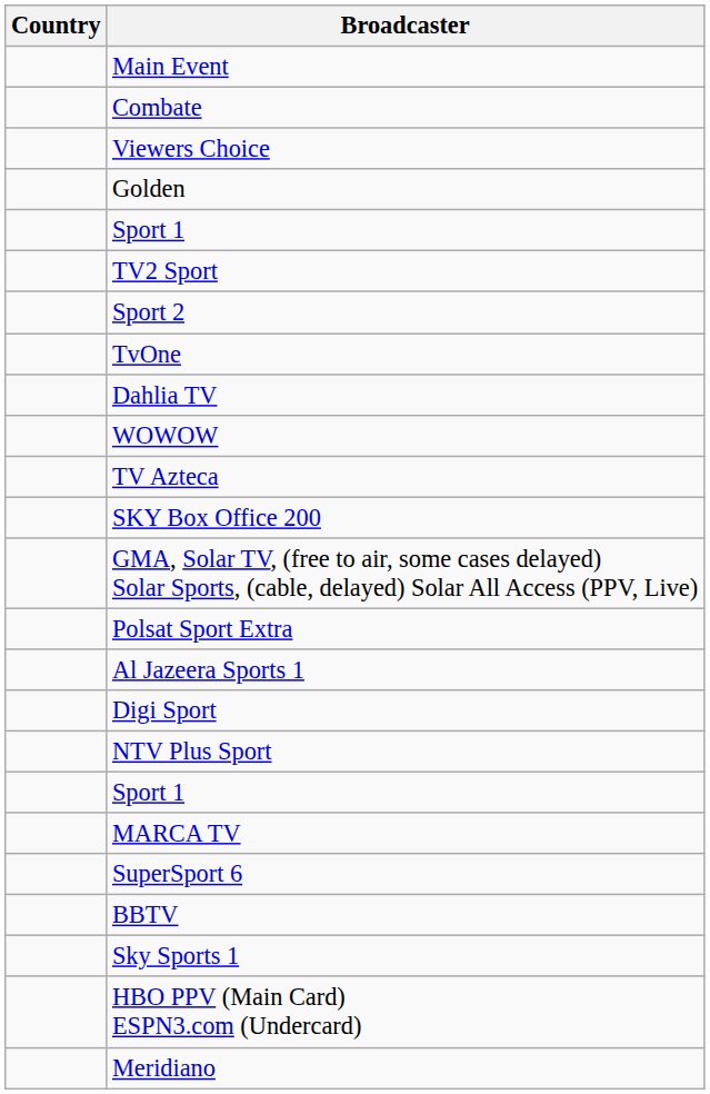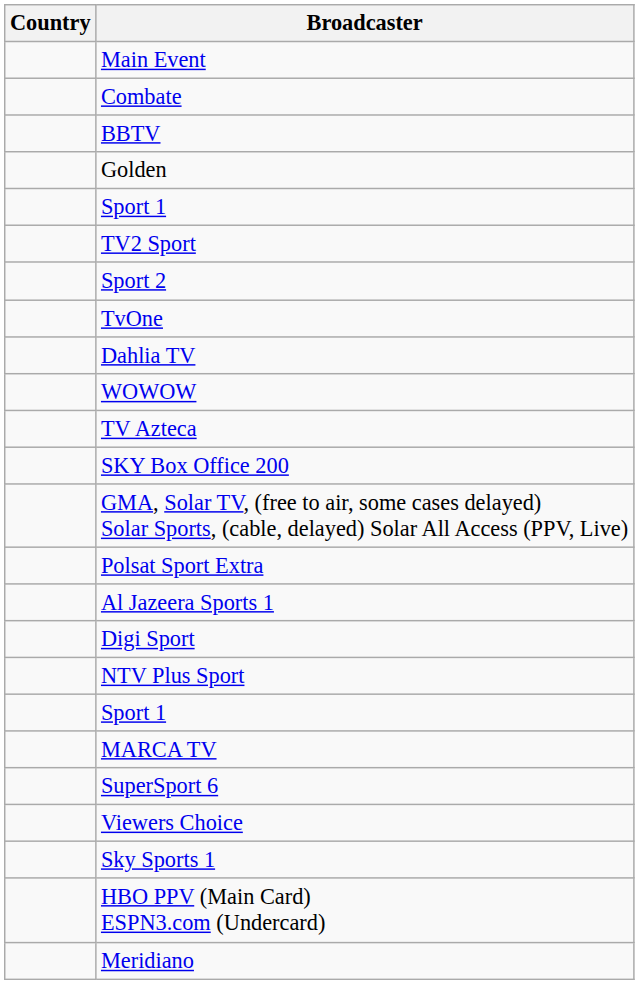 <table class="wikitable" style="font-size:95%;">
 <tr>
 <th>Country</th>
 <th>Broadcaster</th>
 </tr>
 <tr>
 <td align=left></td>
 <td><a href='#'>Main Event</a></td>
 </tr>
 <tr>
 <td align=left></td>
 <td><a href='#'>Combate</a></td>
 </tr>
 <tr>
 <td align=left></td>
-<td><a href='#'>Viewers Choice</a></td>
+<td><a href='#'>BBTV</a></td>
 </tr>
 <tr>
 <td align=left></td>
 <td>Golden</td>
 </tr>
 <tr>
 <td align=left></td>
 <td><a href='#'>Sport 1</a></td>
 </tr>
 <tr>
 <td align=left></td>
 <td><a href='#'>TV2 Sport</a></td>
 </tr>
 <tr>
 <td align=left></td>
 <td><a href='#'>Sport 2</a></td>
 </tr>
 <tr>
 <td align=left></td>
 <td><a href='#'>TvOne</a></td>
 </tr>
 <tr>
 <td align=left></td>
 <td><a href='#'>Dahlia TV</a></td>
 </tr>
 <tr>
 <td align=left></td>
 <td><a href='#'>WOWOW</a></td>
 </tr>
 <tr>
 <td align=left></td>
 <td><a href='#'>TV Azteca</a></td>
 </tr>
 <tr>
 <td align=left></td>
 <td><a href='#'>SKY Box Office 200</a></td>
 </tr>
 <tr>
 <td align=left></td>
 <td><a href='#'>GMA</a>, <a href='#'>Solar TV</a>, (free to air, some cases delayed)<br><a href='#'>Solar Sports</a>, (cable, delayed) Solar All Access (PPV, Live)</td>
 </tr>
 <tr>
 <td align=left></td>
 <td><a href='#'>Polsat Sport Extra</a></td>
 </tr>
 <tr>
 <td align=left></td>
 <td><a href='#'>Al Jazeera Sports 1</a></td>
 </tr>
 <tr>
 <td align=left></td>
 <td><a href='#'>Digi Sport</a></td>
 </tr>
 <tr>
 <td align=left></td>
 <td><a href='#'>NTV Plus Sport</a></td>
 </tr>
 <tr>
 <td align=left></td>
 <td><a href='#'>Sport 1</a></td>
 </tr>
 <tr>
 <td align=left></td>
 <td><a href='#'>MARCA TV</a></td>
 </tr>
 <tr>
 <td align=left></td>
 <td><a href='#'>SuperSport 6</a></td>
 </tr>
 <tr>
 <td align=left></td>
-<td><a href='#'>BBTV</a></td>
+<td><a href='#'>Viewers Choice</a></td>
 </tr>
 <tr>
 <td align=left></td>
 <td><a href='#'>Sky Sports 1</a></td>
 </tr>
 <tr>
 <td align=left></td>
 <td><a href='#'>HBO PPV</a> (Main Card)<br><a href='#'>ESPN3.com</a> (Undercard)</td>
 </tr>
 <tr>
 <td align=left></td>
 <td><a href='#'>Meridiano</a></td>
 </tr>
 </table>
